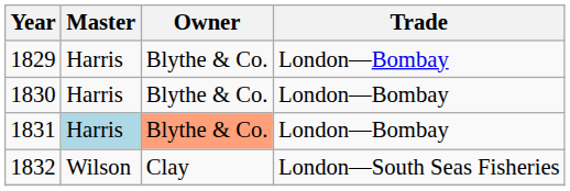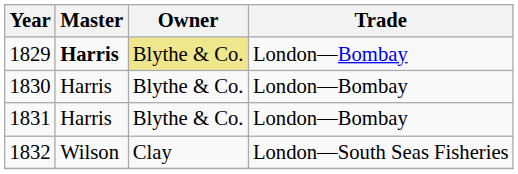 <table class="sortable wikitable">
 <tr>
 <th>Year</th>
 <th>Master</th>
 <th>Owner</th>
 <th>Trade</th>
 </tr>
 <tr>
 <td>1829</td>
-<td>Harris</td>
-<td>Blythe & Co.</td>
+<td><strong>Harris</strong></td>
+<td style="background: khaki;">Blythe & Co.</td>
 <td>London—<a href='#'>Bombay</a></td>
 </tr>
 <tr>
 <td>1830</td>
 <td>Harris</td>
 <td>Blythe & Co.</td>
 <td>London—Bombay</td>
 </tr>
 <tr>
 <td>1831</td>
-<td style="background: lightblue;">Harris</td>
-<td style="background: lightsalmon;">Blythe & Co.</td>
+<td>Harris</td>
+<td>Blythe & Co.</td>
 <td>London—Bombay</td>
 </tr>
 <tr>
 <td>1832</td>
 <td>Wilson</td>
 <td>Clay</td>
 <td>London—South Seas Fisheries</td>
 </tr>
 <tr>
 </tr>
 </table>
